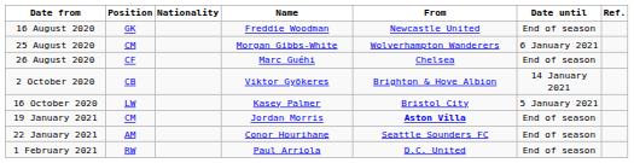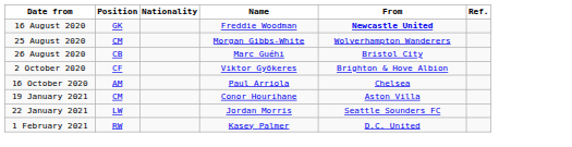 <table class="wikitable" style="text-align:center; font-size:90%; ">
 <tr>
 <th style="background:white; color:black; width:120px;">Date from</th>
 <th style="background:white; color:black; width:50px;">Position</th>
 <th style="background:white; color:black; width:50px;">Nationality</th>
 <th style="background:white; color:black; width:160px;">Name</th>
 <th style="background:white; color:black; width:200px;">From</th>
-<th style="background:white; color:black; width:100px;">Date until</th>
 <th style="background:white; color:black;">Ref.</th>
 </tr>
 <tr>
 <td>16 August 2020</td>
 <td><a href='#'>GK</a></td>
 <td></td>
 <td><a href='#'>Freddie Woodman</a></td>
-<td><a href='#'>Newcastle United</a></td>
-<td>End of season</td>
+<td><strong><a href='#'>Newcastle United</a></strong></td>
 <td></td>
 </tr>
 <tr>
 <td>25 August 2020</td>
 <td><a href='#'>CM</a></td>
 <td></td>
 <td><a href='#'>Morgan Gibbs-White</a></td>
 <td><a href='#'>Wolverhampton Wanderers</a></td>
-<td>6 January 2021</td>
 <td></td>
 </tr>
 <tr>
 <td>26 August 2020</td>
-<td><a href='#'>CF</a></td>
+<td><a href='#'>CB</a></td>
 <td></td>
 <td><a href='#'>Marc Guéhi</a></td>
-<td><a href='#'>Chelsea</a></td>
-<td>End of season</td>
+<td><a href='#'>Bristol City</a></td>
 <td></td>
 </tr>
 <tr>
 <td>2 October 2020</td>
-<td><a href='#'>CB</a></td>
+<td><a href='#'>CF</a></td>
 <td></td>
 <td><a href='#'>Viktor Gyökeres</a></td>
 <td><a href='#'>Brighton & Hove Albion</a></td>
-<td>14 January 2021</td>
 <td></td>
 </tr>
 <tr>
 <td>16 October 2020</td>
-<td><a href='#'>LW</a></td>
+<td><a href='#'>AM</a></td>
 <td></td>
-<td><a href='#'>Kasey Palmer</a></td>
-<td><a href='#'>Bristol City</a></td>
-<td>5 January 2021</td>
+<td><a href='#'>Paul Arriola</a></td>
+<td><a href='#'>Chelsea</a></td>
 <td></td>
 </tr>
 <tr>
 <td>19 January 2021</td>
 <td><a href='#'>CM</a></td>
 <td></td>
-<td><a href='#'>Jordan Morris</a></td>
-<td><strong><a href='#'>Aston Villa</a></strong></td>
-<td>End of season</td>
+<td><a href='#'>Conor Hourihane</a></td>
+<td><a href='#'>Aston Villa</a></td>
 <td></td>
 </tr>
 <tr>
 <td>22 January 2021</td>
-<td><a href='#'>AM</a></td>
+<td><a href='#'>LW</a></td>
 <td></td>
-<td><a href='#'>Conor Hourihane</a></td>
+<td><a href='#'>Jordan Morris</a></td>
 <td><a href='#'>Seattle Sounders FC</a></td>
-<td>End of season</td>
 <td></td>
 </tr>
 <tr>
 <td>1 February 2021</td>
 <td><a href='#'>RW</a></td>
 <td></td>
-<td><a href='#'>Paul Arriola</a></td>
+<td><a href='#'>Kasey Palmer</a></td>
 <td><a href='#'>D.C. United</a></td>
-<td>End of season</td>
 <td></td>
 </tr>
 </table>
